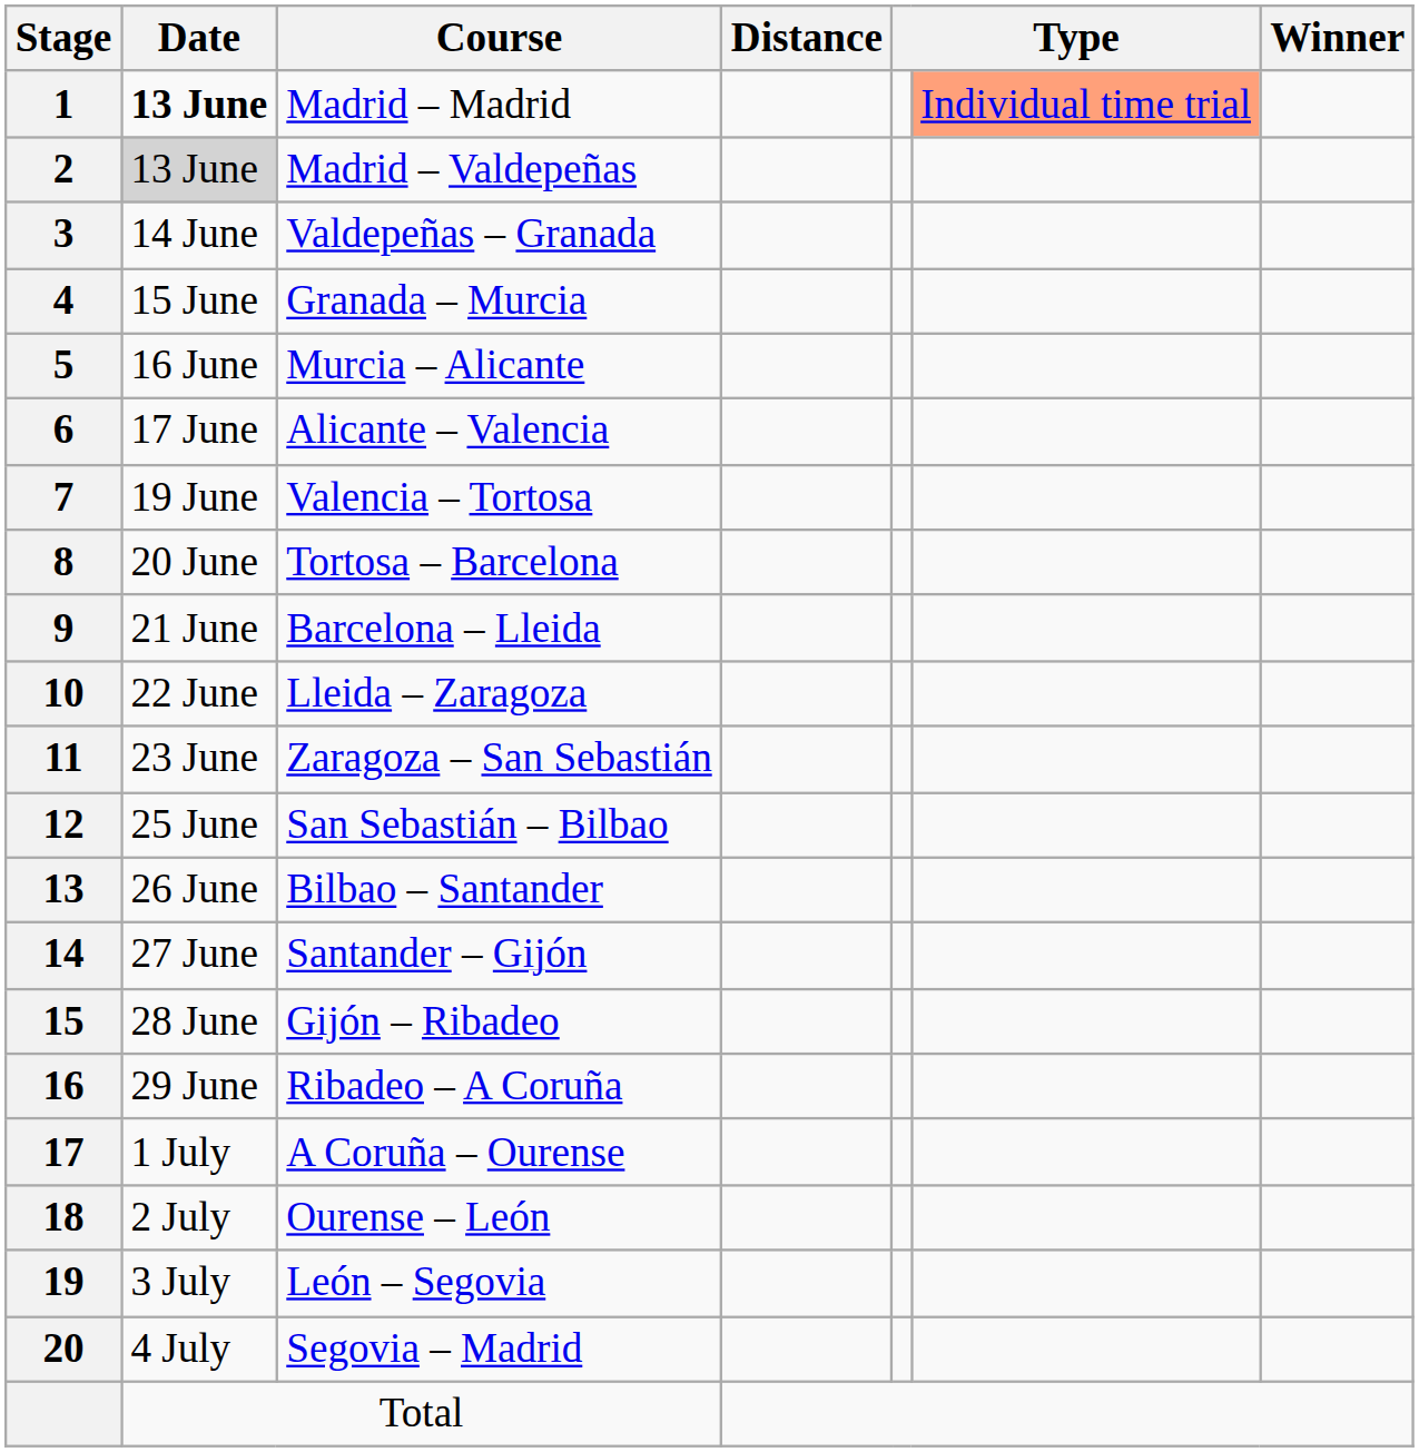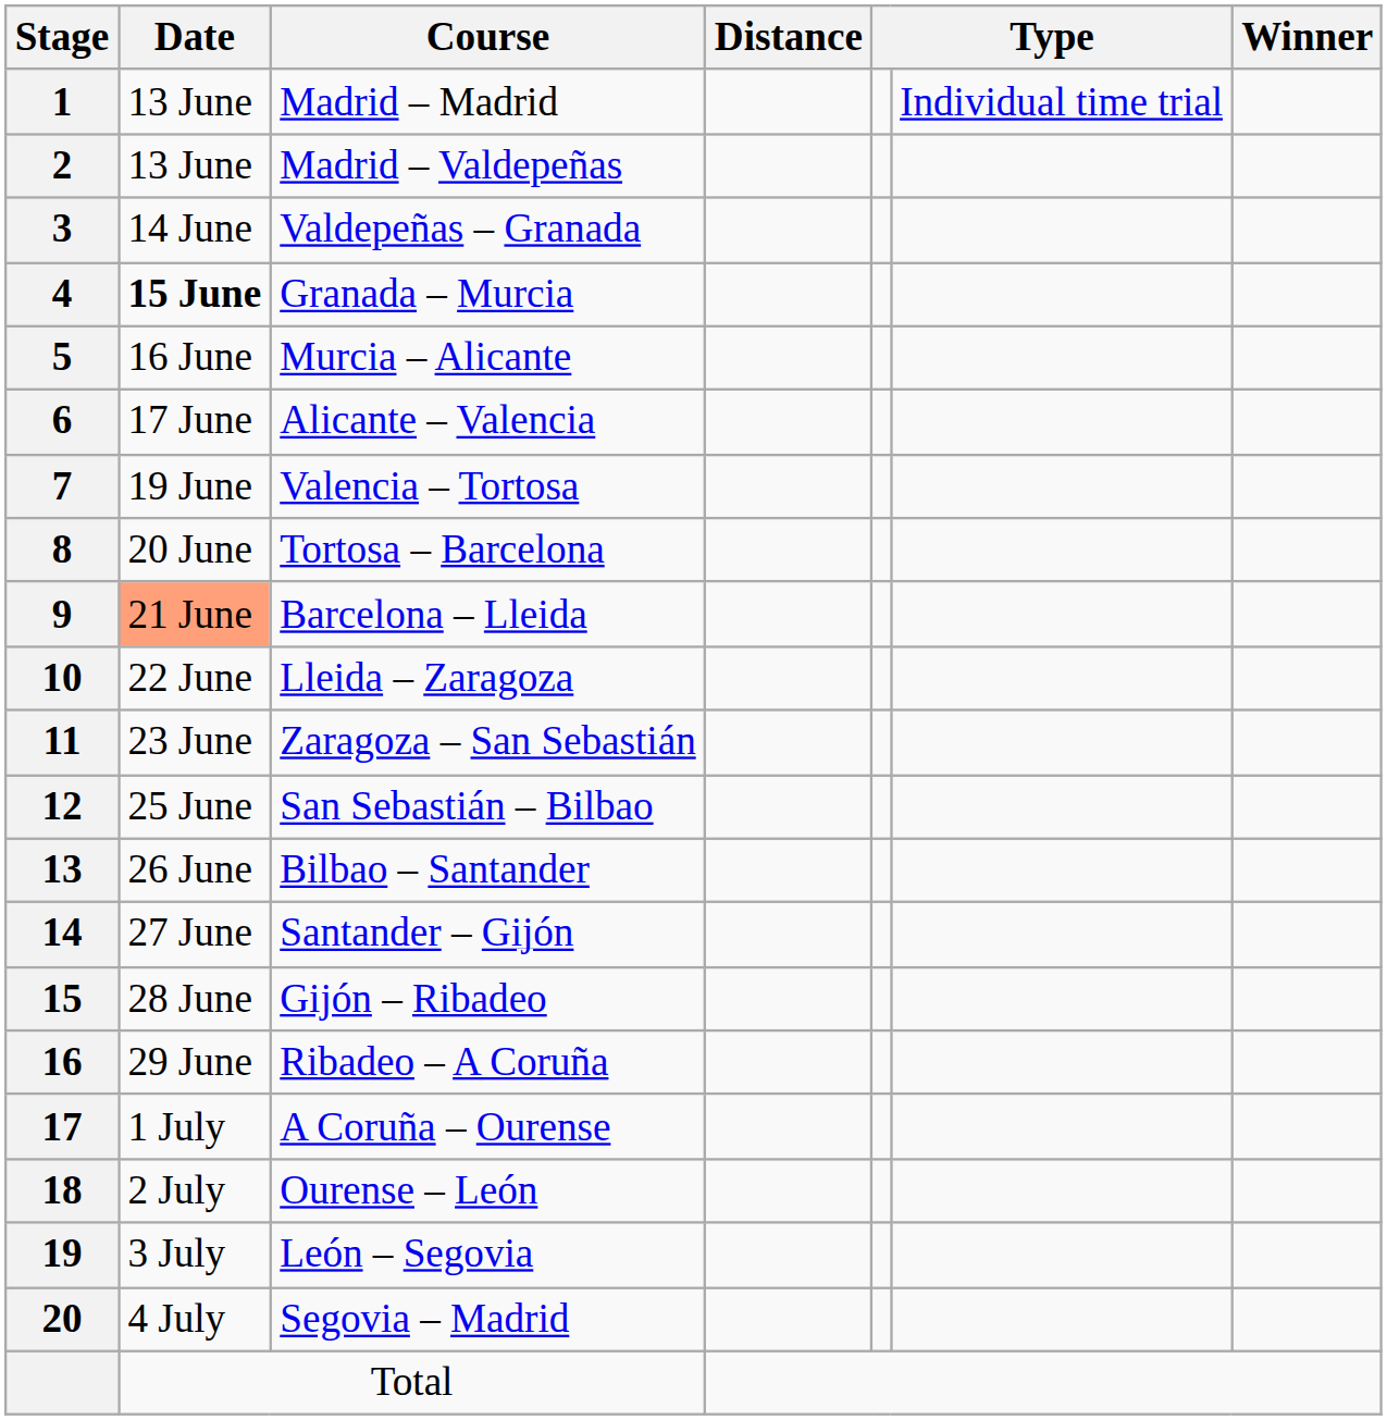 <table class="wikitable">
 <tr>
 <th scope="col">Stage</th>
 <th scope="col">Date</th>
 <th scope="col">Course</th>
 <th scope="col">Distance</th>
 <th scope="col" colspan="2">Type</th>
 <th scope="col">Winner</th>
 </tr>
 <tr>
 <th scope="row">1</th>
-<td><strong>13 June</strong></td>
+<td>13 June</td>
 <td><a href='#'>Madrid</a> – Madrid</td>
 <td style="text-align:center;"></td>
 <td></td>
-<td style="background: lightsalmon;"><a href='#'>Individual time trial</a></td>
+<td><a href='#'>Individual time trial</a></td>
 <td><br></td>
 </tr>
 <tr>
 <th scope="row">2</th>
-<td style="background: lightgrey;">13 June</td>
+<td>13 June</td>
 <td><a href='#'>Madrid</a> – <a href='#'>Valdepeñas</a></td>
 <td style="text-align:center;"></td>
 <td></td>
 <td></td>
 <td></td>
 </tr>
 <tr>
 <th scope="row">3</th>
 <td>14 June</td>
 <td><a href='#'>Valdepeñas</a> – <a href='#'>Granada</a></td>
 <td style="text-align:center;"></td>
 <td></td>
 <td></td>
 <td></td>
 </tr>
 <tr>
 <th scope="row">4</th>
-<td>15 June</td>
+<td><strong>15 June</strong></td>
 <td><a href='#'>Granada</a> – <a href='#'>Murcia</a></td>
 <td style="text-align:center;"></td>
 <td></td>
 <td></td>
 <td></td>
 </tr>
 <tr>
 <th scope="row">5</th>
 <td>16 June</td>
 <td><a href='#'>Murcia</a> – <a href='#'>Alicante</a></td>
 <td style="text-align:center;"></td>
 <td></td>
 <td></td>
 <td></td>
 </tr>
 <tr>
 <th scope="row">6</th>
 <td>17 June</td>
 <td><a href='#'>Alicante</a> – <a href='#'>Valencia</a></td>
 <td style="text-align:center;"></td>
 <td></td>
 <td></td>
 <td></td>
 </tr>
 <tr>
 <th scope="row">7</th>
 <td>19 June</td>
 <td><a href='#'>Valencia</a> – <a href='#'>Tortosa</a></td>
 <td style="text-align:center;"></td>
 <td></td>
 <td></td>
 <td></td>
 </tr>
 <tr>
 <th scope="row">8</th>
 <td>20 June</td>
 <td><a href='#'>Tortosa</a> – <a href='#'>Barcelona</a></td>
 <td style="text-align:center;"></td>
 <td></td>
 <td></td>
 <td></td>
 </tr>
 <tr>
 <th scope="row">9</th>
-<td>21 June</td>
+<td style="background: lightsalmon;">21 June</td>
 <td><a href='#'>Barcelona</a> – <a href='#'>Lleida</a></td>
 <td style="text-align:center;"></td>
 <td></td>
 <td></td>
 <td></td>
 </tr>
 <tr>
 <th scope="row">10</th>
 <td>22 June</td>
 <td><a href='#'>Lleida</a> – <a href='#'>Zaragoza</a></td>
 <td style="text-align:center;"></td>
 <td></td>
 <td></td>
 <td></td>
 </tr>
 <tr>
 <th scope="row">11</th>
 <td>23 June</td>
 <td><a href='#'>Zaragoza</a> – <a href='#'>San Sebastián</a></td>
 <td style="text-align:center;"></td>
 <td></td>
 <td></td>
 <td></td>
 </tr>
 <tr>
 <th scope="row">12</th>
 <td>25 June</td>
 <td><a href='#'>San Sebastián</a> – <a href='#'>Bilbao</a></td>
 <td style="text-align:center;"></td>
 <td></td>
 <td></td>
 <td></td>
 </tr>
 <tr>
 <th scope="row">13</th>
 <td>26 June</td>
 <td><a href='#'>Bilbao</a> – <a href='#'>Santander</a></td>
 <td style="text-align:center;"></td>
 <td></td>
 <td></td>
 <td></td>
 </tr>
 <tr>
 <th scope="row">14</th>
 <td>27 June</td>
 <td><a href='#'>Santander</a> – <a href='#'>Gijón</a></td>
 <td style="text-align:center;"></td>
 <td></td>
 <td></td>
 <td></td>
 </tr>
 <tr>
 <th scope="row">15</th>
 <td>28 June</td>
 <td><a href='#'>Gijón</a> – <a href='#'>Ribadeo</a></td>
 <td style="text-align:center;"></td>
 <td></td>
 <td></td>
 <td></td>
 </tr>
 <tr>
 <th scope="row">16</th>
 <td>29 June</td>
 <td><a href='#'>Ribadeo</a> – <a href='#'>A Coruña</a></td>
 <td style="text-align:center;"></td>
 <td></td>
 <td></td>
 <td></td>
 </tr>
 <tr>
 <th scope="row">17</th>
 <td>1 July</td>
 <td><a href='#'>A Coruña</a> – <a href='#'>Ourense</a></td>
 <td style="text-align:center;"></td>
 <td></td>
 <td></td>
 <td></td>
 </tr>
 <tr>
 <th scope="row">18</th>
 <td>2 July</td>
 <td><a href='#'>Ourense</a> – <a href='#'>León</a></td>
 <td style="text-align:center;"></td>
 <td></td>
 <td></td>
 <td></td>
 </tr>
 <tr>
 <th scope="row">19</th>
 <td>3 July</td>
 <td><a href='#'>León</a> – <a href='#'>Segovia</a></td>
 <td style="text-align:center;"></td>
 <td></td>
 <td></td>
 <td></td>
 </tr>
 <tr>
 <th scope="row">20</th>
 <td>4 July</td>
 <td><a href='#'>Segovia</a> – <a href='#'>Madrid</a></td>
 <td style="text-align:center;"></td>
 <td></td>
 <td></td>
 <td></td>
 </tr>
 <tr>
 <th scope="row"></th>
 <td colspan="2" style="text-align:center">Total</td>
 <td colspan="4" style="text-align:center"></td>
 </tr>
 </table>
